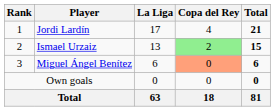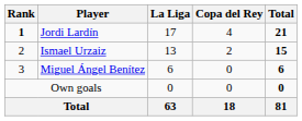 <table class="wikitable" style="text-align:center;">
 <tr>
 <th>Rank</th>
 <th>Player</th>
 <th>La Liga</th>
 <th>Copa del Rey</th>
 <th>Total</th>
 </tr>
 <tr>
-<td>1</td>
+<td><strong>1</strong></td>
 <td align=left> <a href='#'>Jordi Lardín</a></td>
 <td>17</td>
 <td>4</td>
 <td><strong>21</strong></td>
 </tr>
 <tr>
 <td>2</td>
 <td align=left> <a href='#'>Ismael Urzaiz</a></td>
 <td>13</td>
-<td style="background: lightgreen;">2</td>
+<td>2</td>
 <td><strong>15</strong></td>
 </tr>
 <tr>
 <td>3</td>
 <td align=left> <a href='#'>Miguel Ángel Benítez</a></td>
 <td>6</td>
-<td style="background: lightsalmon;">0</td>
+<td>0</td>
 <td><strong>6</strong></td>
 </tr>
 <tr>
 <td align=center colspan=2>Own goals</td>
 <td>0</td>
 <td>0</td>
 <td><strong>0</strong></td>
 </tr>
 <tr>
 <th colspan=2>Total</th>
 <th>63</th>
 <th>18</th>
 <th>81</th>
 </tr>
 </table>
